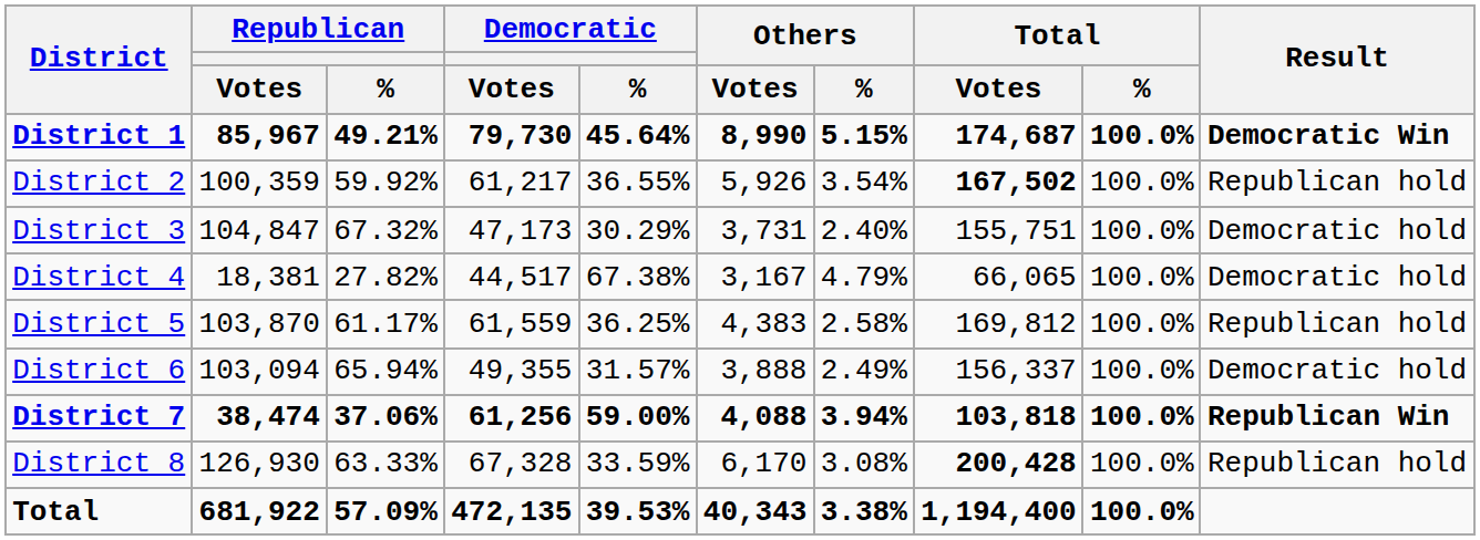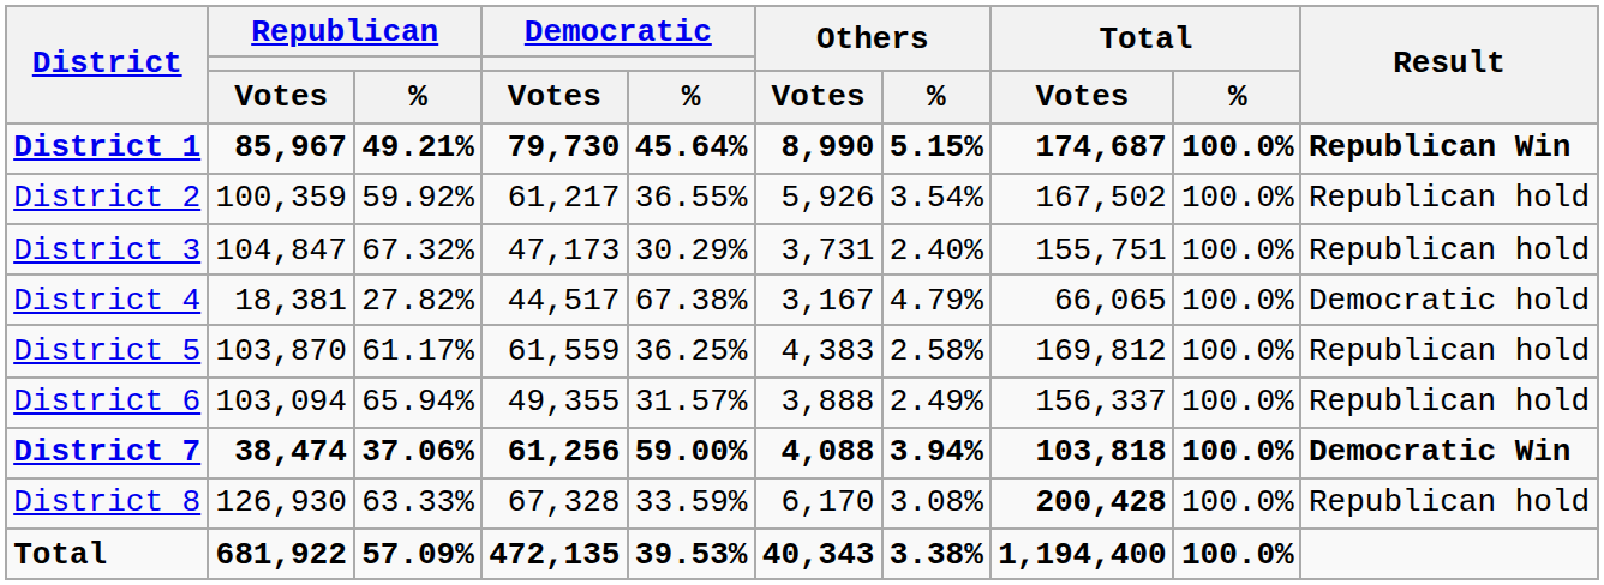 <table class="wikitable plainrowheaders sortable" style="font-size:100%; text-align:right;">
 <tr>
 <th scope=col rowspan=3><a href='#'>District</a></th>
 <th scope=col colspan=2><a href='#'>Republican</a></th>
 <th scope=col colspan=2><a href='#'>Democratic</a></th>
 <th scope=col colspan=2 rowspan=2>Others</th>
 <th scope=col colspan=2 rowspan=2>Total</th>
 <th scope=col rowspan=3>Result</th>
 </tr>
 <tr>
 <th scope=col colspan=2 style="background:"></th>
 <th scope=col colspan=2 style="background:"></th>
 </tr>
 <tr>
 <th scope=col data-sort-type="number">Votes</th>
 <th scope=col data-sort-type="number">%</th>
 <th scope=col data-sort-type="number">Votes</th>
 <th scope=col data-sort-type="number">%</th>
 <th scope=col data-sort-type="number">Votes</th>
 <th scope=col data-sort-type="number">%</th>
 <th scope=col data-sort-type="number">Votes</th>
 <th scope=col data-sort-type="number">%</th>
 </tr>
 <tr>
 <td align=left><strong><a href='#'>District 1</a></strong></td>
 <td><strong>85,967</strong></td>
 <td><strong>49.21%</strong></td>
 <td><strong>79,730</strong></td>
 <td><strong>45.64%</strong></td>
 <td><strong>8,990</strong></td>
 <td><strong>5.15%</strong></td>
 <td><strong>174,687</strong></td>
 <td><strong>100.0%</strong></td>
-<td align=left><strong>Democratic Win</strong></td>
+<td align=left><strong>Republican Win</strong></td>
 </tr>
 <tr>
 <td align=left><a href='#'>District 2</a></td>
 <td>100,359</td>
 <td>59.92%</td>
 <td>61,217</td>
 <td>36.55%</td>
 <td>5,926</td>
 <td>3.54%</td>
-<td><strong>167,502</strong></td>
+<td>167,502</td>
 <td>100.0%</td>
 <td align=left>Republican hold</td>
 </tr>
 <tr>
 <td align=left><a href='#'>District 3</a></td>
 <td>104,847</td>
 <td>67.32%</td>
 <td>47,173</td>
 <td>30.29%</td>
 <td>3,731</td>
 <td>2.40%</td>
 <td>155,751</td>
 <td>100.0%</td>
-<td align=left>Democratic hold</td>
+<td align=left>Republican hold</td>
 </tr>
 <tr>
 <td align=left><a href='#'>District 4</a></td>
 <td>18,381</td>
 <td>27.82%</td>
 <td>44,517</td>
 <td>67.38%</td>
 <td>3,167</td>
 <td>4.79%</td>
 <td>66,065</td>
 <td>100.0%</td>
 <td align=left>Democratic hold</td>
 </tr>
 <tr>
 <td align=left><a href='#'>District 5</a></td>
 <td>103,870</td>
 <td>61.17%</td>
 <td>61,559</td>
 <td>36.25%</td>
 <td>4,383</td>
 <td>2.58%</td>
 <td>169,812</td>
 <td>100.0%</td>
 <td align=left>Republican hold</td>
 </tr>
 <tr>
 <td align=left><a href='#'>District 6</a></td>
 <td>103,094</td>
 <td>65.94%</td>
 <td>49,355</td>
 <td>31.57%</td>
 <td>3,888</td>
 <td>2.49%</td>
 <td>156,337</td>
 <td>100.0%</td>
-<td align=left>Democratic hold</td>
+<td align=left>Republican hold</td>
 </tr>
 <tr>
 <td align=left><strong><a href='#'>District 7</a></strong></td>
 <td><strong>38,474</strong></td>
 <td><strong>37.06%</strong></td>
 <td><strong>61,256</strong></td>
 <td><strong>59.00%</strong></td>
 <td><strong>4,088</strong></td>
 <td><strong>3.94%</strong></td>
 <td><strong>103,818</strong></td>
 <td><strong>100.0%</strong></td>
-<td align=left><strong>Republican Win</strong></td>
+<td align=left><strong>Democratic Win</strong></td>
 </tr>
 <tr>
 <td align=left><a href='#'>District 8</a></td>
 <td>126,930</td>
 <td>63.33%</td>
 <td>67,328</td>
 <td>33.59%</td>
 <td>6,170</td>
 <td>3.08%</td>
 <td><strong>200,428</strong></td>
 <td>100.0%</td>
 <td align=left>Republican hold</td>
 </tr>
 <tr class="sortbottom" style="font-weight:bold">
 <td align=left>Total</td>
 <td>681,922</td>
 <td>57.09%</td>
 <td>472,135</td>
 <td>39.53%</td>
 <td>40,343</td>
 <td>3.38%</td>
 <td>1,194,400</td>
 <td>100.0%</td>
 <td></td>
 </tr>
 </table>
